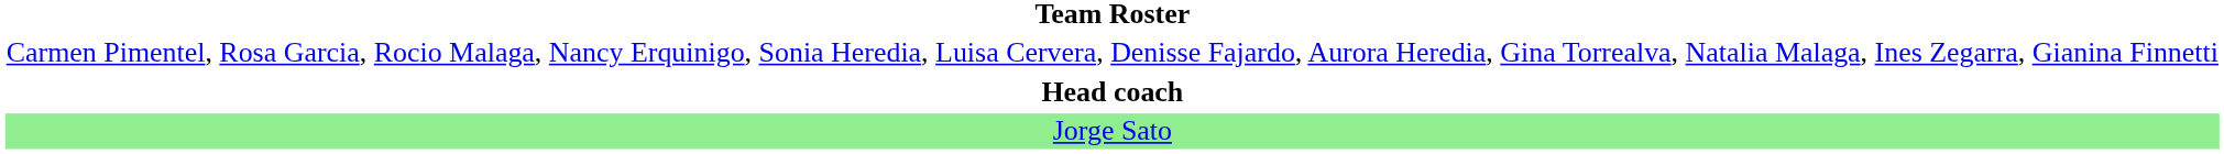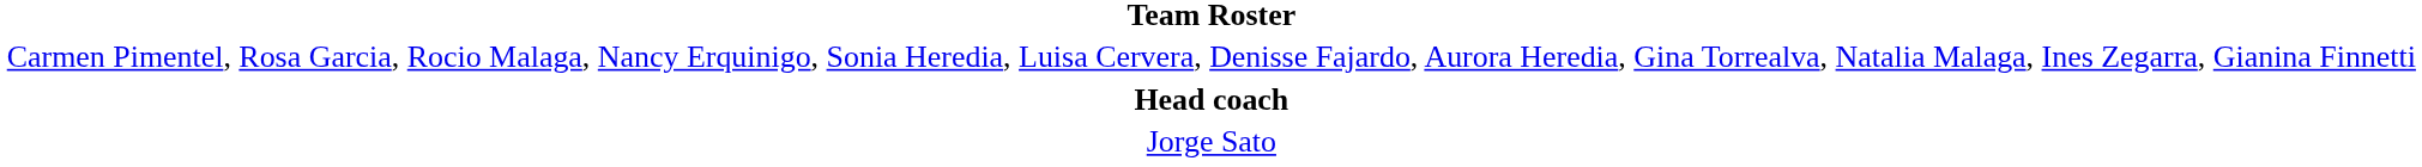 <table style="text-align:center;margin-top:2em;margin-left:auto;margin-right:auto">
 <tr>
 <td><strong>Team Roster</strong></td>
 </tr>
 <tr>
 <td><a href='#'>Carmen Pimentel</a>, <a href='#'>Rosa Garcia</a>, <a href='#'>Rocio Malaga</a>, <a href='#'>Nancy Erquinigo</a>, <a href='#'>Sonia Heredia</a>, <a href='#'>Luisa Cervera</a>, <a href='#'>Denisse Fajardo</a>, <a href='#'>Aurora Heredia</a>, <a href='#'>Gina Torrealva</a>, <a href='#'>Natalia Malaga</a>, <a href='#'>Ines Zegarra</a>, <a href='#'>Gianina Finnetti</a></td>
 </tr>
 <tr>
 <td><strong>Head coach</strong></td>
 </tr>
 <tr>
-<td style="background: lightgreen;"><a href='#'>Jorge Sato</a></td>
+<td><a href='#'>Jorge Sato</a></td>
 </tr>
 </table>
